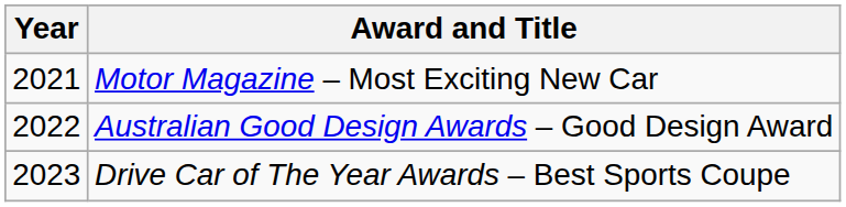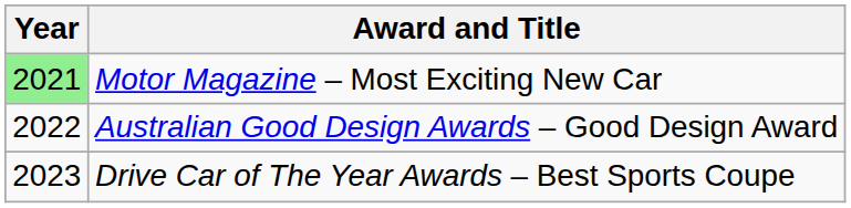 <table class="wikitable sortable">
 <tr>
 <th>Year</th>
 <th>Award and Title</th>
 </tr>
 <tr>
-<td>2021</td>
+<td style="background: lightgreen;">2021</td>
 <td><em><a href='#'>Motor Magazine</a></em> – Most Exciting New Car</td>
 </tr>
 <tr>
 <td>2022</td>
 <td><em><a href='#'>Australian Good Design Awards</a></em> – Good Design Award</td>
 </tr>
 <tr>
 <td>2023</td>
 <td><em>Drive Car of The Year Awards</em> – Best Sports Coupe</td>
 </tr>
 </table>
